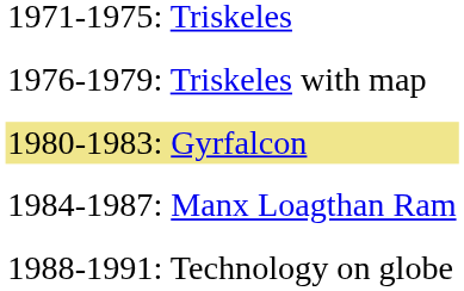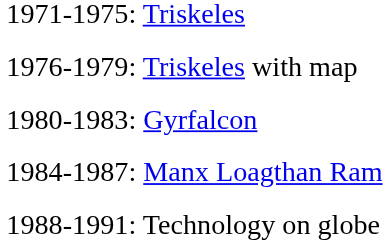 <table cellspacing="10px">
 <tr valign="top">
 <td>1971-1975: <a href='#'>Triskeles</a><br></td>
 </tr>
 <tr valign="top">
 <td>1976-1979: <a href='#'>Triskeles</a> with map<br></td>
 </tr>
 <tr valign="top">
-<td style="background: khaki;">1980-1983: <a href='#'>Gyrfalcon</a><br></td>
+<td>1980-1983: <a href='#'>Gyrfalcon</a><br></td>
 </tr>
 <tr valign="top">
 <td>1984-1987: <a href='#'>Manx Loagthan Ram</a><br></td>
 </tr>
 <tr valign="top">
 <td>1988-1991: Technology on globe<br></td>
 </tr>
 </table>
